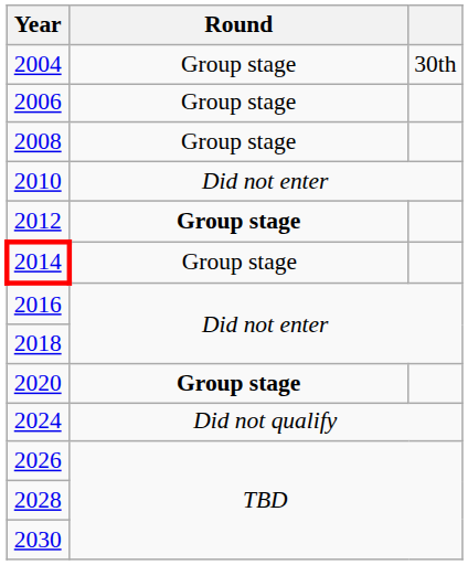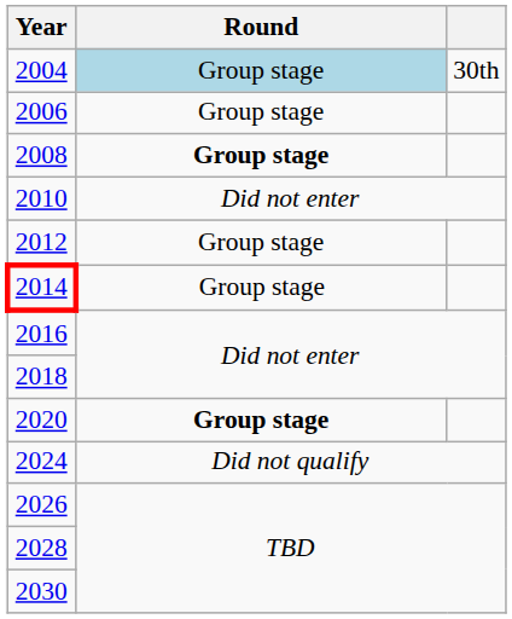 <table class="wikitable" style="text-align: center; font-size:90%">
 <tr>
 <th>Year</th>
 <th style="width:200px">Round</th>
 <th></th>
 </tr>
 <tr>
 <td><a href='#'>2004</a></td>
-<td>Group stage</td>
+<td style="background: lightblue;">Group stage</td>
 <td>30th</td>
 </tr>
 <tr>
 <td><a href='#'>2006</a></td>
 <td>Group stage</td>
 <td></td>
 </tr>
 <tr>
 <td><a href='#'>2008</a></td>
-<td>Group stage</td>
+<td><strong>Group stage</strong></td>
 <td></td>
 </tr>
 <tr>
 <td><a href='#'>2010</a></td>
 <td colspan="2"><em>Did not enter</em></td>
 </tr>
 <tr>
 <td><a href='#'>2012</a></td>
-<td><strong>Group stage</strong></td>
+<td>Group stage</td>
 <td></td>
 </tr>
 <tr>
 <td style="border: 3px solid red"><a href='#'>2014</a></td>
 <td>Group stage</td>
 <td></td>
 </tr>
 <tr>
 <td><a href='#'>2016</a></td>
 <td colspan="2" rowspan="2"><em>Did not enter</em></td>
 </tr>
 <tr>
 <td><a href='#'>2018</a></td>
 </tr>
 <tr>
 <td><a href='#'>2020</a></td>
 <td><strong>Group stage</strong></td>
 <td></td>
 </tr>
 <tr>
 <td><a href='#'>2024</a></td>
 <td colspan="2"><em>Did not qualify</em></td>
 </tr>
 <tr>
 <td><a href='#'>2026</a></td>
 <td colspan="2" rowspan="3"><em>TBD</em></td>
 </tr>
 <tr>
 <td><a href='#'>2028</a></td>
 </tr>
 <tr>
 <td><a href='#'>2030</a></td>
 </tr>
 </table>
